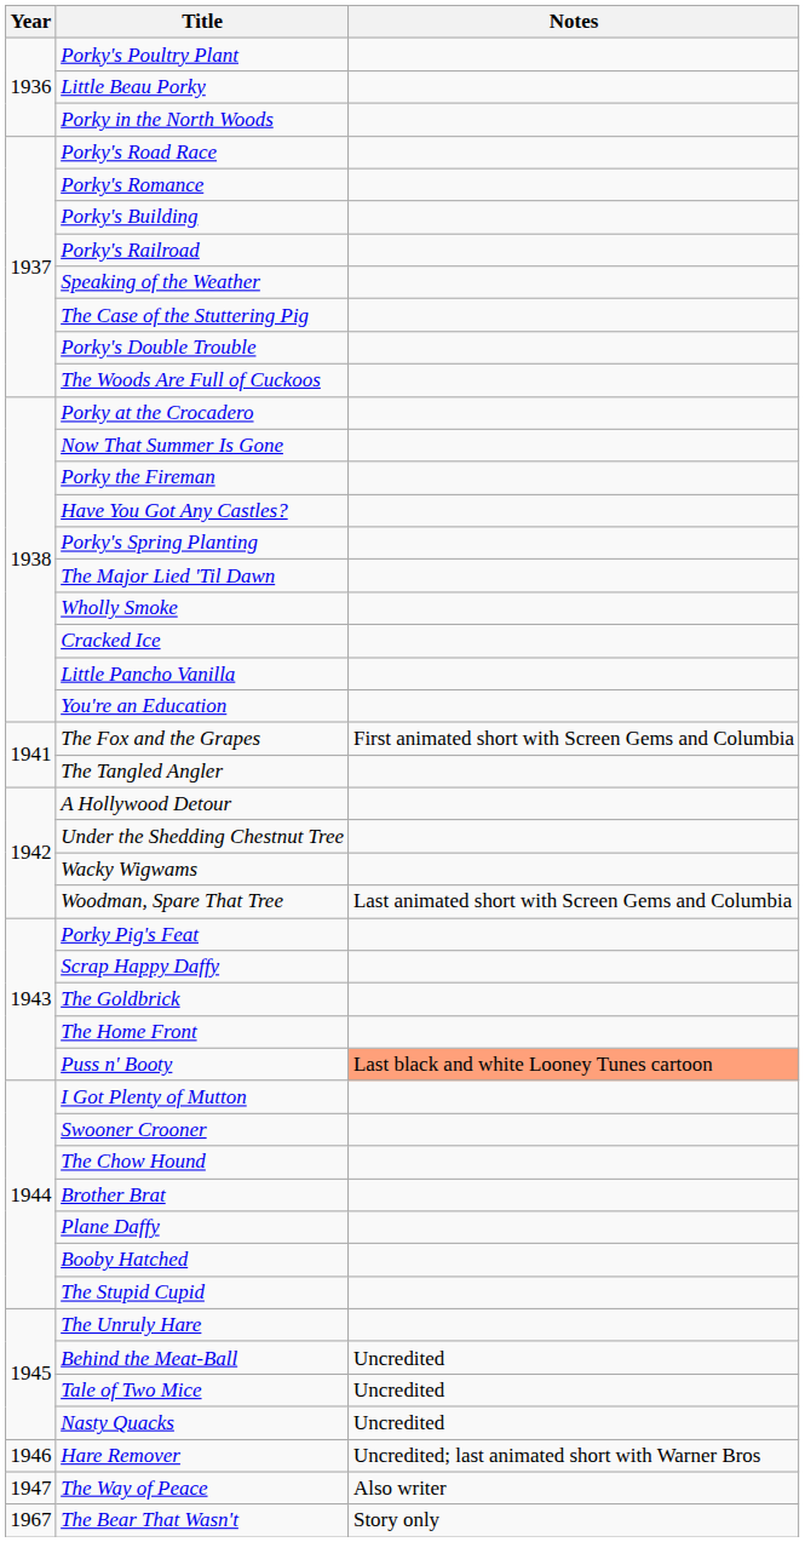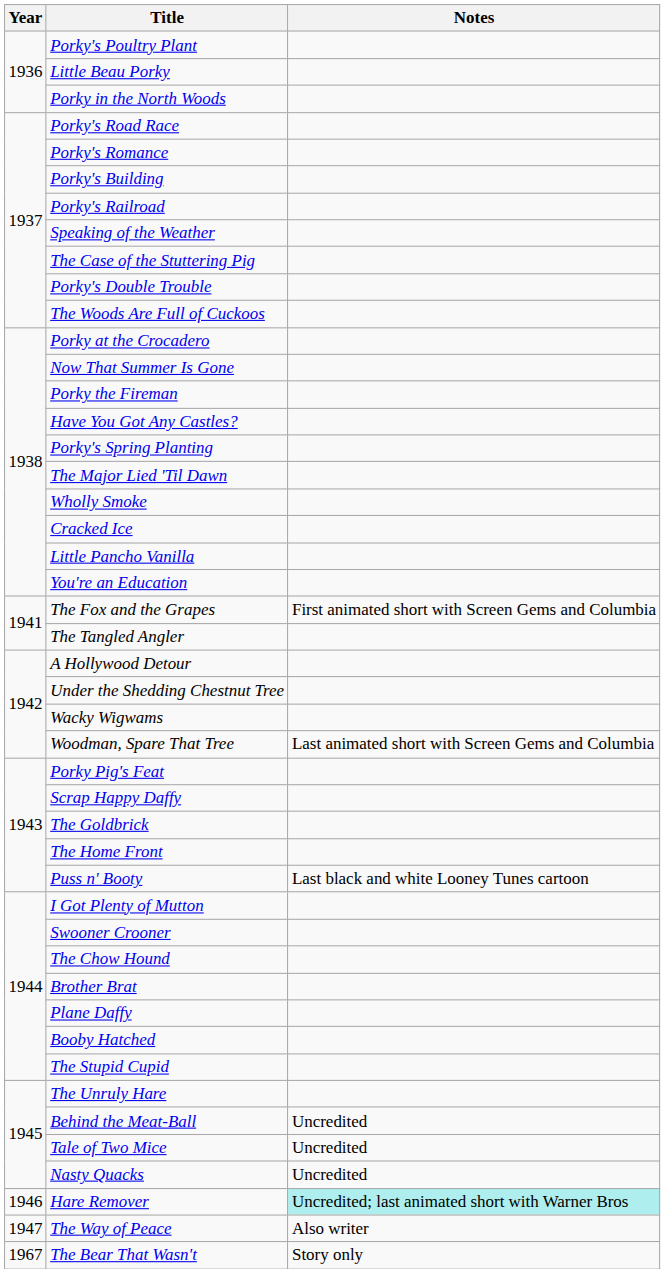 <table class="wikitable unsortable">
 <tr>
 <th>Year</th>
 <th>Title</th>
 <th>Notes</th>
 </tr>
 <tr>
 <td rowspan="3">1936</td>
 <td><em><a href='#'>Porky's Poultry Plant</a></em></td>
 <td></td>
 </tr>
 <tr>
 <td><em><a href='#'>Little Beau Porky</a></em></td>
 <td></td>
 </tr>
 <tr>
 <td><em><a href='#'>Porky in the North Woods</a></em></td>
 <td></td>
 </tr>
 <tr>
 <td rowspan="8">1937</td>
 <td><em><a href='#'>Porky's Road Race</a></em></td>
 <td></td>
 </tr>
 <tr>
 <td><em><a href='#'>Porky's Romance</a></em></td>
 <td></td>
 </tr>
 <tr>
 <td><em><a href='#'>Porky's Building</a></em></td>
 <td></td>
 </tr>
 <tr>
 <td><em><a href='#'>Porky's Railroad</a></em></td>
 <td></td>
 </tr>
 <tr>
 <td><em><a href='#'>Speaking of the Weather</a></em></td>
 <td></td>
 </tr>
 <tr>
 <td><em><a href='#'>The Case of the Stuttering Pig</a></em></td>
 <td></td>
 </tr>
 <tr>
 <td><em><a href='#'>Porky's Double Trouble</a></em></td>
 <td></td>
 </tr>
 <tr>
 <td><em><a href='#'>The Woods Are Full of Cuckoos</a></em></td>
 <td></td>
 </tr>
 <tr>
 <td rowspan="10">1938</td>
 <td><em><a href='#'>Porky at the Crocadero</a></em></td>
 <td></td>
 </tr>
 <tr>
 <td><em><a href='#'>Now That Summer Is Gone</a></em></td>
 <td></td>
 </tr>
 <tr>
 <td><em><a href='#'>Porky the Fireman</a></em></td>
 <td></td>
 </tr>
 <tr>
 <td><em><a href='#'>Have You Got Any Castles?</a></em></td>
 <td></td>
 </tr>
 <tr>
 <td><em><a href='#'>Porky's Spring Planting</a></em></td>
 <td></td>
 </tr>
 <tr>
 <td><em><a href='#'>The Major Lied 'Til Dawn</a></em></td>
 <td></td>
 </tr>
 <tr>
 <td><em><a href='#'>Wholly Smoke</a></em></td>
 <td></td>
 </tr>
 <tr>
 <td><em><a href='#'>Cracked Ice</a></em></td>
 <td></td>
 </tr>
 <tr>
 <td><em><a href='#'>Little Pancho Vanilla</a></em></td>
 <td></td>
 </tr>
 <tr>
 <td><em><a href='#'>You're an Education</a></em></td>
 <td></td>
 </tr>
 <tr>
 <td rowspan="2">1941</td>
 <td><em>The Fox and the Grapes</em></td>
 <td>First animated short with Screen Gems and Columbia</td>
 </tr>
 <tr>
 <td><em>The Tangled Angler</em></td>
 <td></td>
 </tr>
 <tr>
 <td rowspan="4">1942</td>
 <td><em>A Hollywood Detour</em></td>
 <td></td>
 </tr>
 <tr>
 <td><em>Under the Shedding Chestnut Tree</em></td>
 <td></td>
 </tr>
 <tr>
 <td><em>Wacky Wigwams</em></td>
 <td></td>
 </tr>
 <tr>
 <td><em>Woodman, Spare That Tree</em></td>
 <td>Last animated short with Screen Gems and Columbia</td>
 </tr>
 <tr>
 <td rowspan="5">1943</td>
 <td><em><a href='#'>Porky Pig's Feat</a></em></td>
 <td></td>
 </tr>
 <tr>
 <td><em><a href='#'>Scrap Happy Daffy</a></em></td>
 <td></td>
 </tr>
 <tr>
 <td><em><a href='#'>The Goldbrick</a></em></td>
 <td></td>
 </tr>
 <tr>
 <td><em><a href='#'>The Home Front</a></em></td>
 <td></td>
 </tr>
 <tr>
 <td><em><a href='#'>Puss n' Booty</a></em></td>
-<td style="background: lightsalmon;">Last black and white Looney Tunes cartoon</td>
+<td>Last black and white Looney Tunes cartoon</td>
 </tr>
 <tr>
 <td rowspan="7">1944</td>
 <td><em><a href='#'>I Got Plenty of Mutton</a></em></td>
 <td></td>
 </tr>
 <tr>
 <td><em><a href='#'>Swooner Crooner</a></em></td>
 <td></td>
 </tr>
 <tr>
 <td><em><a href='#'>The Chow Hound</a></em></td>
 <td></td>
 </tr>
 <tr>
 <td><em><a href='#'>Brother Brat</a></em></td>
 <td></td>
 </tr>
 <tr>
 <td><em><a href='#'>Plane Daffy</a></em></td>
 <td></td>
 </tr>
 <tr>
 <td><em><a href='#'>Booby Hatched</a></em></td>
 <td></td>
 </tr>
 <tr>
 <td><em><a href='#'>The Stupid Cupid</a></em></td>
 <td></td>
 </tr>
 <tr>
 <td rowspan="4">1945</td>
 <td><em><a href='#'>The Unruly Hare</a></em></td>
 <td></td>
 </tr>
 <tr>
 <td><em><a href='#'>Behind the Meat-Ball</a></em></td>
 <td>Uncredited</td>
 </tr>
 <tr>
 <td><em><a href='#'>Tale of Two Mice</a></em></td>
 <td>Uncredited</td>
 </tr>
 <tr>
 <td><em><a href='#'>Nasty Quacks</a></em></td>
 <td>Uncredited</td>
 </tr>
 <tr>
 <td>1946</td>
 <td><em><a href='#'>Hare Remover</a></em></td>
-<td>Uncredited; last animated short with Warner Bros</td>
+<td style="background: paleturquoise;">Uncredited; last animated short with Warner Bros</td>
 </tr>
 <tr>
 <td>1947</td>
 <td><em><a href='#'>The Way of Peace</a></em></td>
 <td>Also writer</td>
 </tr>
 <tr>
 <td>1967</td>
 <td><em><a href='#'>The Bear That Wasn't</a></em></td>
 <td>Story only</td>
 </tr>
 </table>
